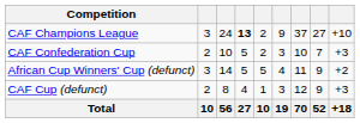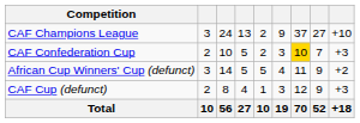 <table class="wikitable" style="text-align:center">
 <tr>
 <th>Competition</th>
 <th></th>
 <th></th>
 <th></th>
 <th></th>
 <th></th>
 <th></th>
 <th></th>
 <th></th>
 </tr>
 <tr>
 <td align=left><a href='#'>CAF Champions League</a></td>
 <td>3</td>
 <td>24</td>
-<td><strong>13</strong></td>
+<td>13</td>
 <td>2</td>
 <td>9</td>
 <td>37</td>
 <td>27</td>
 <td>+10</td>
 </tr>
 <tr>
 <td align=left><a href='#'>CAF Confederation Cup</a></td>
 <td>2</td>
 <td>10</td>
 <td>5</td>
 <td>2</td>
 <td>3</td>
-<td>10</td>
+<td style="background: gold;">10</td>
 <td>7</td>
 <td>+3</td>
 </tr>
 <tr>
 <td align=left><a href='#'>African Cup Winners' Cup</a> <em>(defunct)</em></td>
 <td>3</td>
 <td>14</td>
 <td>5</td>
 <td>5</td>
 <td>4</td>
 <td>11</td>
 <td>9</td>
 <td>+2</td>
 </tr>
 <tr>
 <td align=left><a href='#'>CAF Cup</a> <em>(defunct)</em></td>
 <td>2</td>
 <td>8</td>
 <td>4</td>
 <td>1</td>
 <td>3</td>
 <td>12</td>
 <td>9</td>
 <td>+3</td>
 </tr>
 <tr>
 <th>Total</th>
 <th>10</th>
 <th>56</th>
 <th>27</th>
 <th>10</th>
 <th>19</th>
 <th>70</th>
 <th>52</th>
 <th>+18</th>
 </tr>
 </table>
